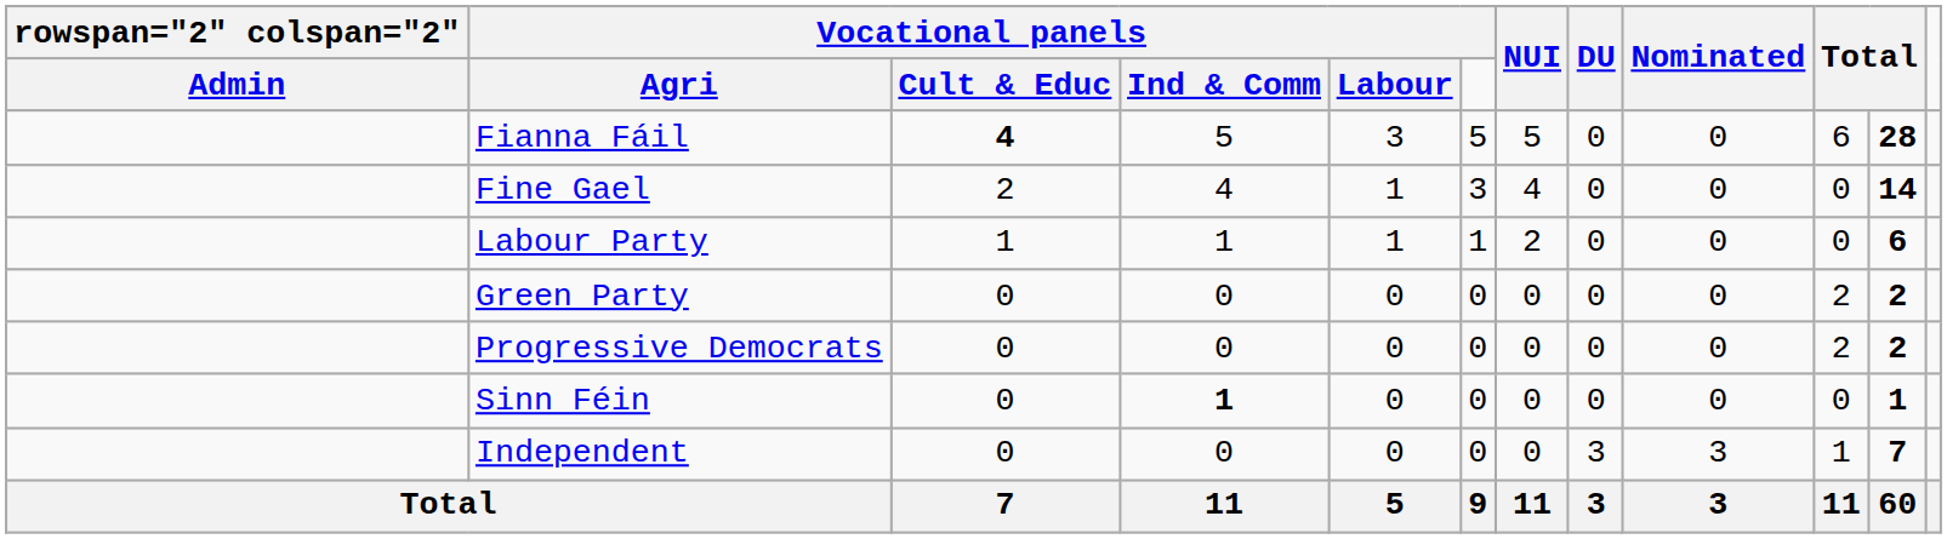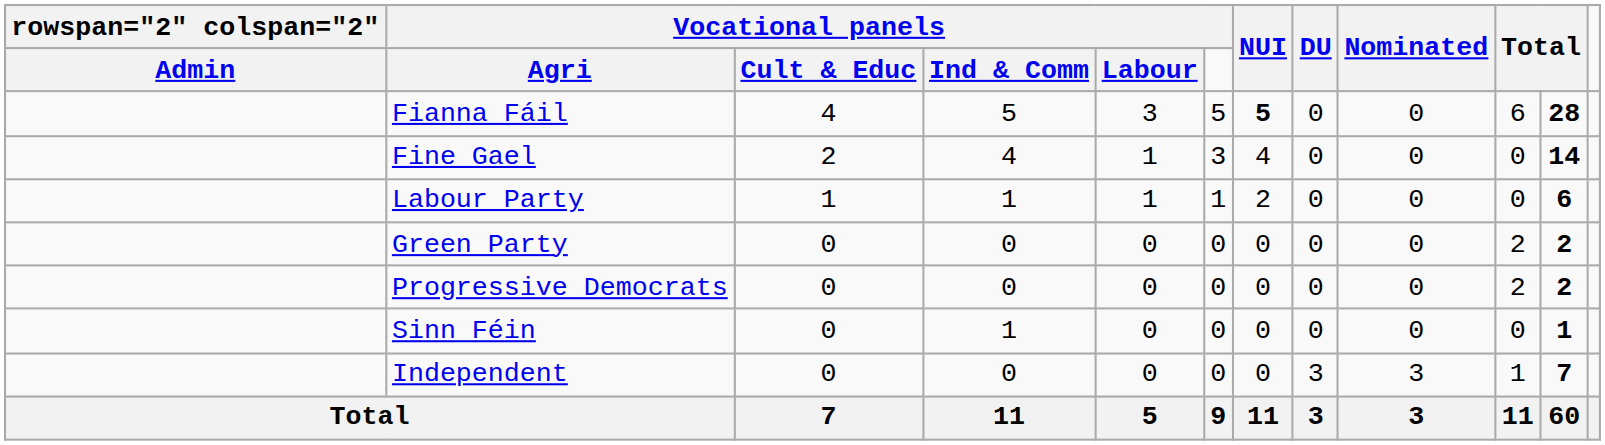 <table class="wikitable">
 <tr>
 <th>rowspan="2" colspan="2" </th>
 <th scope="col" colspan="5"><a href='#'>Vocational panels</a></th>
 <th rowspan="2"><a href='#'>NUI</a></th>
 <th rowspan="2"><a href='#'>DU</a></th>
 <th rowspan="2"><a href='#'>Nominated</a></th>
 <th rowspan="2" colspan="2">Total</th>
 </tr>
 <tr>
 <th scope="col"><a href='#'>Admin</a></th>
 <th scope="col"><a href='#'>Agri</a></th>
 <th scope="col"><a href='#'>Cult & Educ</a></th>
 <th scope="col"><a href='#'>Ind & Comm</a></th>
 <th scope="col"><a href='#'>Labour</a></th>
 </tr>
 <tr style="text-align:center">
 <td style="background-color: "></td>
 <td align="left"><a href='#'>Fianna Fáil</a></td>
-<td><strong>4</strong></td>
+<td>4</td>
 <td>5</td>
 <td>3</td>
 <td>5</td>
-<td>5</td>
+<td><strong>5</strong></td>
 <td>0</td>
 <td>0</td>
 <td>6</td>
 <td><strong>28</strong></td>
 <td style="background-color: "></td>
 </tr>
 <tr style="text-align:center">
 <td style="background-color: "></td>
 <td align="left"><a href='#'>Fine Gael</a></td>
 <td>2</td>
 <td>4</td>
 <td>1</td>
 <td>3</td>
 <td>4</td>
 <td>0</td>
 <td>0</td>
 <td>0</td>
 <td><strong>14</strong></td>
 <td style="background-color: "></td>
 </tr>
 <tr style="text-align:center">
 <td style="background-color: "></td>
 <td align="left"><a href='#'>Labour Party</a></td>
 <td>1</td>
 <td>1</td>
 <td>1</td>
 <td>1</td>
 <td>2</td>
 <td>0</td>
 <td>0</td>
 <td>0</td>
 <td><strong>6</strong></td>
 <td style="background-color: "></td>
 </tr>
 <tr style="text-align:center">
 <td style="background-color: "></td>
 <td align="left"><a href='#'>Green Party</a></td>
 <td>0</td>
 <td>0</td>
 <td>0</td>
 <td>0</td>
 <td>0</td>
 <td>0</td>
 <td>0</td>
 <td>2</td>
 <td><strong>2</strong></td>
 <td style="background-color: "></td>
 </tr>
 <tr style="text-align:center">
 <td style="background-color: "></td>
 <td align="left"><a href='#'>Progressive Democrats</a></td>
 <td>0</td>
 <td>0</td>
 <td>0</td>
 <td>0</td>
 <td>0</td>
 <td>0</td>
 <td>0</td>
 <td>2</td>
 <td><strong>2</strong></td>
 <td style="background-color: "></td>
 </tr>
 <tr style="text-align:center">
 <td style="background-color: "></td>
 <td align="left"><a href='#'>Sinn Féin</a></td>
 <td>0</td>
-<td><strong>1</strong></td>
+<td>1</td>
 <td>0</td>
 <td>0</td>
 <td>0</td>
 <td>0</td>
 <td>0</td>
 <td>0</td>
 <td><strong>1</strong></td>
 <td style="background-color: "></td>
 </tr>
 <tr style="text-align:center">
 <td style="background-color: "></td>
 <td align="left"><a href='#'>Independent</a></td>
 <td>0</td>
 <td>0</td>
 <td>0</td>
 <td>0</td>
 <td>0</td>
 <td>3</td>
 <td>3</td>
 <td>1</td>
 <td><strong>7</strong></td>
 <td style="background-color: "></td>
 </tr>
 <tr style="text-align:center">
 <th colspan="2">Total</th>
 <th>7</th>
 <th>11</th>
 <th>5</th>
 <th>9</th>
 <th>11</th>
 <th>3</th>
 <th>3</th>
 <th>11</th>
 <th>60</th>
 <th></th>
 </tr>
 </table>
